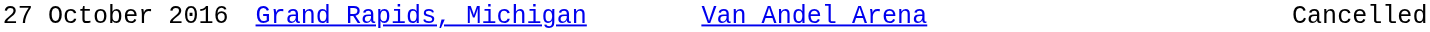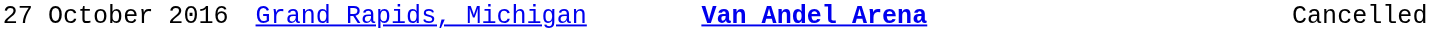 <table cellpadding="2" style="border: 0px solid darkgray;">
 <tr>
 <th width="125"></th>
 <th width="225"></th>
 <th width="300"></th>
 <th width="375"></th>
 </tr>
 <tr border="0">
 <td>27 October 2016</td>
 <td><a href='#'>Grand Rapids, Michigan</a></td>
-<td><a href='#'>Van Andel Arena</a></td>
+<td><strong><a href='#'>Van Andel Arena</a></strong></td>
 <td>Cancelled</td>
 </tr>
 </table>
